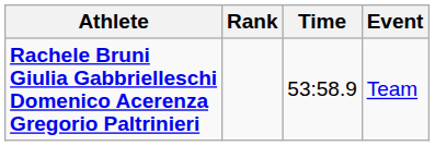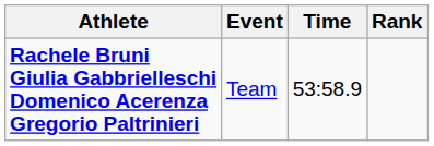 <table class="wikitable" style="font-size:90%;">
 <tr>
 <th>Athlete</th>
+<th>Event</th>
+<th>Time</th>
 <th>Rank</th>
-<th>Time</th>
-<th>Event</th>
 </tr>
 <tr align=center>
 <td align=left><strong><a href='#'>Rachele Bruni</a><br><a href='#'>Giulia Gabbrielleschi</a><br><a href='#'>Domenico Acerenza</a><br><a href='#'>Gregorio Paltrinieri</a></strong></td>
+<td align=left><a href='#'>Team</a></td>
+<td>53:58.9</td>
 <td></td>
-<td>53:58.9</td>
-<td align=left><a href='#'>Team</a></td>
 </tr>
 </table>
